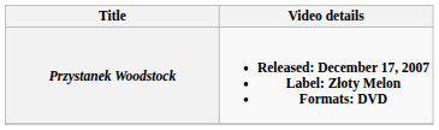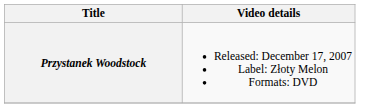 <table class="wikitable plainrowheaders" style="text-align:center;">
 <tr>
 <th scope="col" style="width:15em;">Title</th>
 <th scope="col">Video details</th>
 </tr>
 <tr>
 <th scope="row"><em>Przystanek Woodstock</em></th>
-<td><strong><br><ul><li>Released: December 17, 2007</li><li>Label: Złoty Melon</li><li>Formats: DVD</li></ul></strong></td>
+<td><br><ul><li>Released: December 17, 2007</li><li>Label: Złoty Melon</li><li>Formats: DVD</li></ul></td>
 </tr>
 <tr>
 </tr>
 </table>
